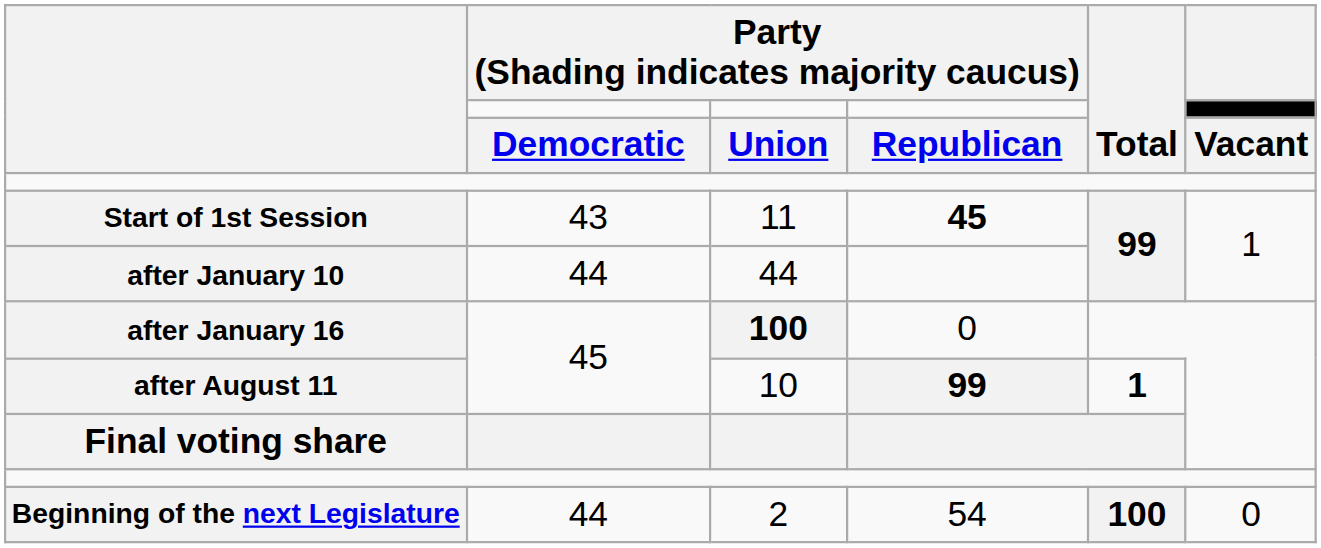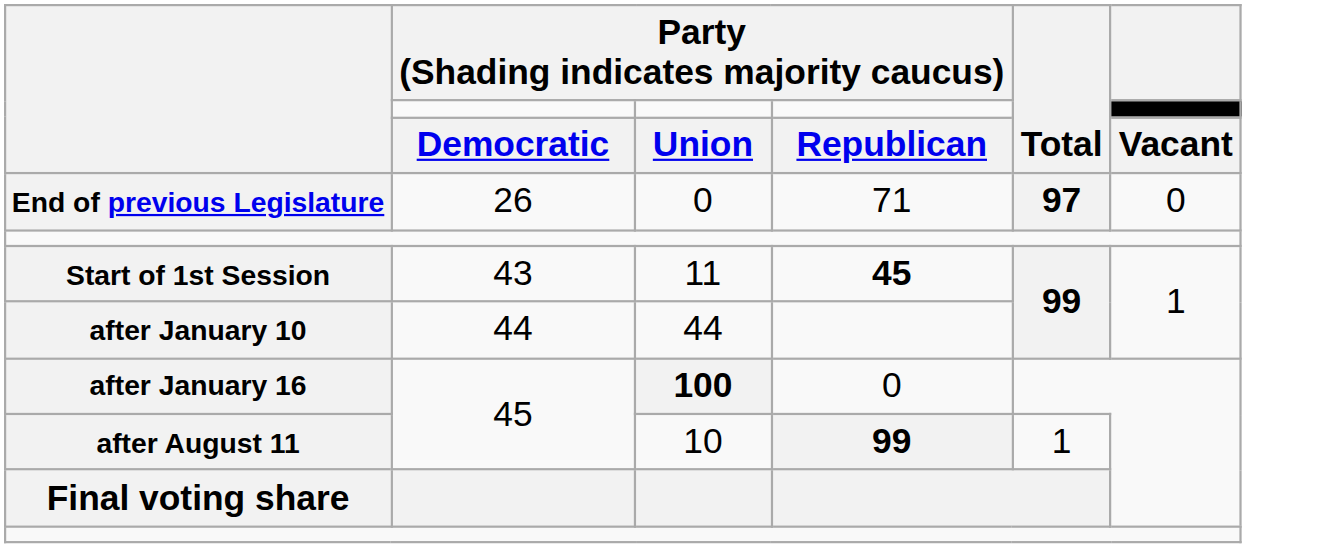 <table class=wikitable style="text-align:center">
 <tr style="vertical-align:bottom;">
 <th rowspan=3></th>
 <th colspan=3>Party <div>(Shading indicates majority caucus)</div></th>
 <th rowspan=3>Total</th>
 <th></th>
 </tr>
 <tr style="height:5px">
 <td style="background-color:"></td>
 <td style="background-color:"></td>
 <td style="background-color:"></td>
 <td style="background:black;"></td>
 </tr>
 <tr>
 <th><a href='#'>Democratic</a></th>
 <th><a href='#'>Union</a></th>
 <th><a href='#'>Republican</a></th>
 <th>Vacant</th>
+</tr>
+<tr>
+<th style="font-size:80%;">End of <a href='#'>previous Legislature</a></th>
+<td>26</td>
+<td>0</td>
+<td>71</td>
+<th>97</th>
+<td>0</td>
 </tr>
 <tr>
 <td colspan=6></td>
 </tr>
 <tr>
 <th style="font-size:80%;">Start of 1st Session</th>
 <td>43</td>
 <td>11</td>
 <td><strong>45</strong></td>
 <th rowspan="2">99</th>
 <td rowspan="2">1</td>
 </tr>
 <tr>
 <th style="font-size:80%;">after January 10</th>
 <td>44</td>
 <td>44</td>
 </tr>
 <tr>
 <th style="font-size:80%;">after January 16</th>
 <td rowspan="2">45</td>
 <th>100</th>
 <td>0</td>
 </tr>
 <tr>
 <th style="font-size:80%;">after August 11</th>
 <td>10</td>
 <th>99</th>
-<td><strong>1</strong></td>
+<td>1</td>
 </tr>
 <tr>
 <th>Final voting share</th>
 <th></th>
 <th></th>
 <th colspan=2></th>
 </tr>
 <tr>
 <td colspan=6></td>
 </tr>
-<tr>
-<th style="font-size:80%;">Beginning of the <a href='#'>next Legislature</a></th>
-<td>44</td>
-<td>2</td>
-<td>54</td>
-<th>100</th>
-<td>0</td>
-</tr>
 </table>
